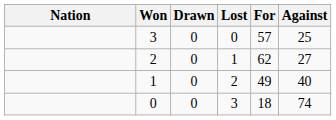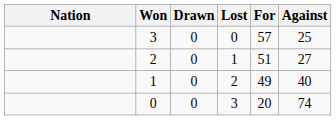 <table class="wikitable" style="margin-top:0.2em; text-align:center;">
 <tr>
 <th style="width:9em;">Nation</th>
 <th>Won</th>
 <th>Drawn</th>
 <th>Lost</th>
 <th>For</th>
 <th>Against</th>
 </tr>
 <tr>
 <td> </td>
 <td>3</td>
 <td>0</td>
 <td>0</td>
 <td>57</td>
 <td>25</td>
 </tr>
 <tr>
 <td> </td>
 <td>2</td>
 <td>0</td>
 <td>1</td>
-<td>62</td>
+<td>51</td>
 <td>27</td>
 </tr>
 <tr>
 <td> </td>
 <td>1</td>
 <td>0</td>
 <td>2</td>
 <td>49</td>
 <td>40</td>
 </tr>
 <tr>
 <td> </td>
 <td>0</td>
 <td>0</td>
 <td>3</td>
-<td>18</td>
+<td>20</td>
 <td>74</td>
 </tr>
 </table>
